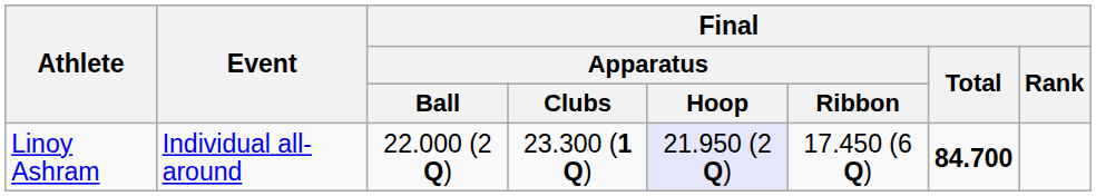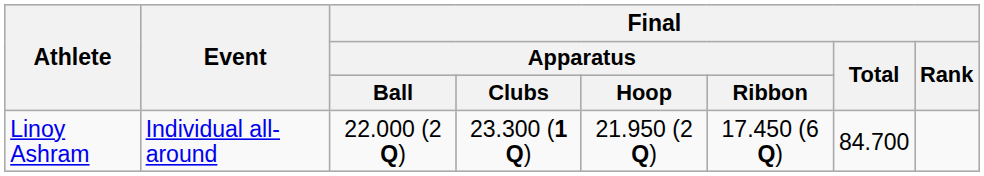 <table class="wikitable" style="font-size:90%">
 <tr>
 <th rowspan="3">Athlete</th>
 <th rowspan="3">Event</th>
 <th colspan="6">Final</th>
 </tr>
 <tr style="font-size:95%">
 <th colspan=4>Apparatus</th>
 <th rowspan=2>Total</th>
 <th rowspan=2>Rank</th>
 </tr>
 <tr style="font-size:95%">
 <th>Ball</th>
 <th>Clubs</th>
 <th>Hoop</th>
 <th>Ribbon</th>
 </tr>
 <tr align=center>
 <td align=left><a href='#'>Linoy Ashram</a></td>
 <td align=left><a href='#'>Individual all-around</a></td>
 <td>22.000 (2 <strong>Q</strong>)</td>
 <td>23.300 (<strong>1 Q</strong>)</td>
-<td style="background: lavender;">21.950 (2 <strong>Q</strong>)</td>
+<td>21.950 (2 <strong>Q</strong>)</td>
 <td>17.450 (6 <strong>Q</strong>)</td>
-<td><strong>84.700</strong></td>
+<td>84.700</td>
 <td></td>
 </tr>
 </table>
